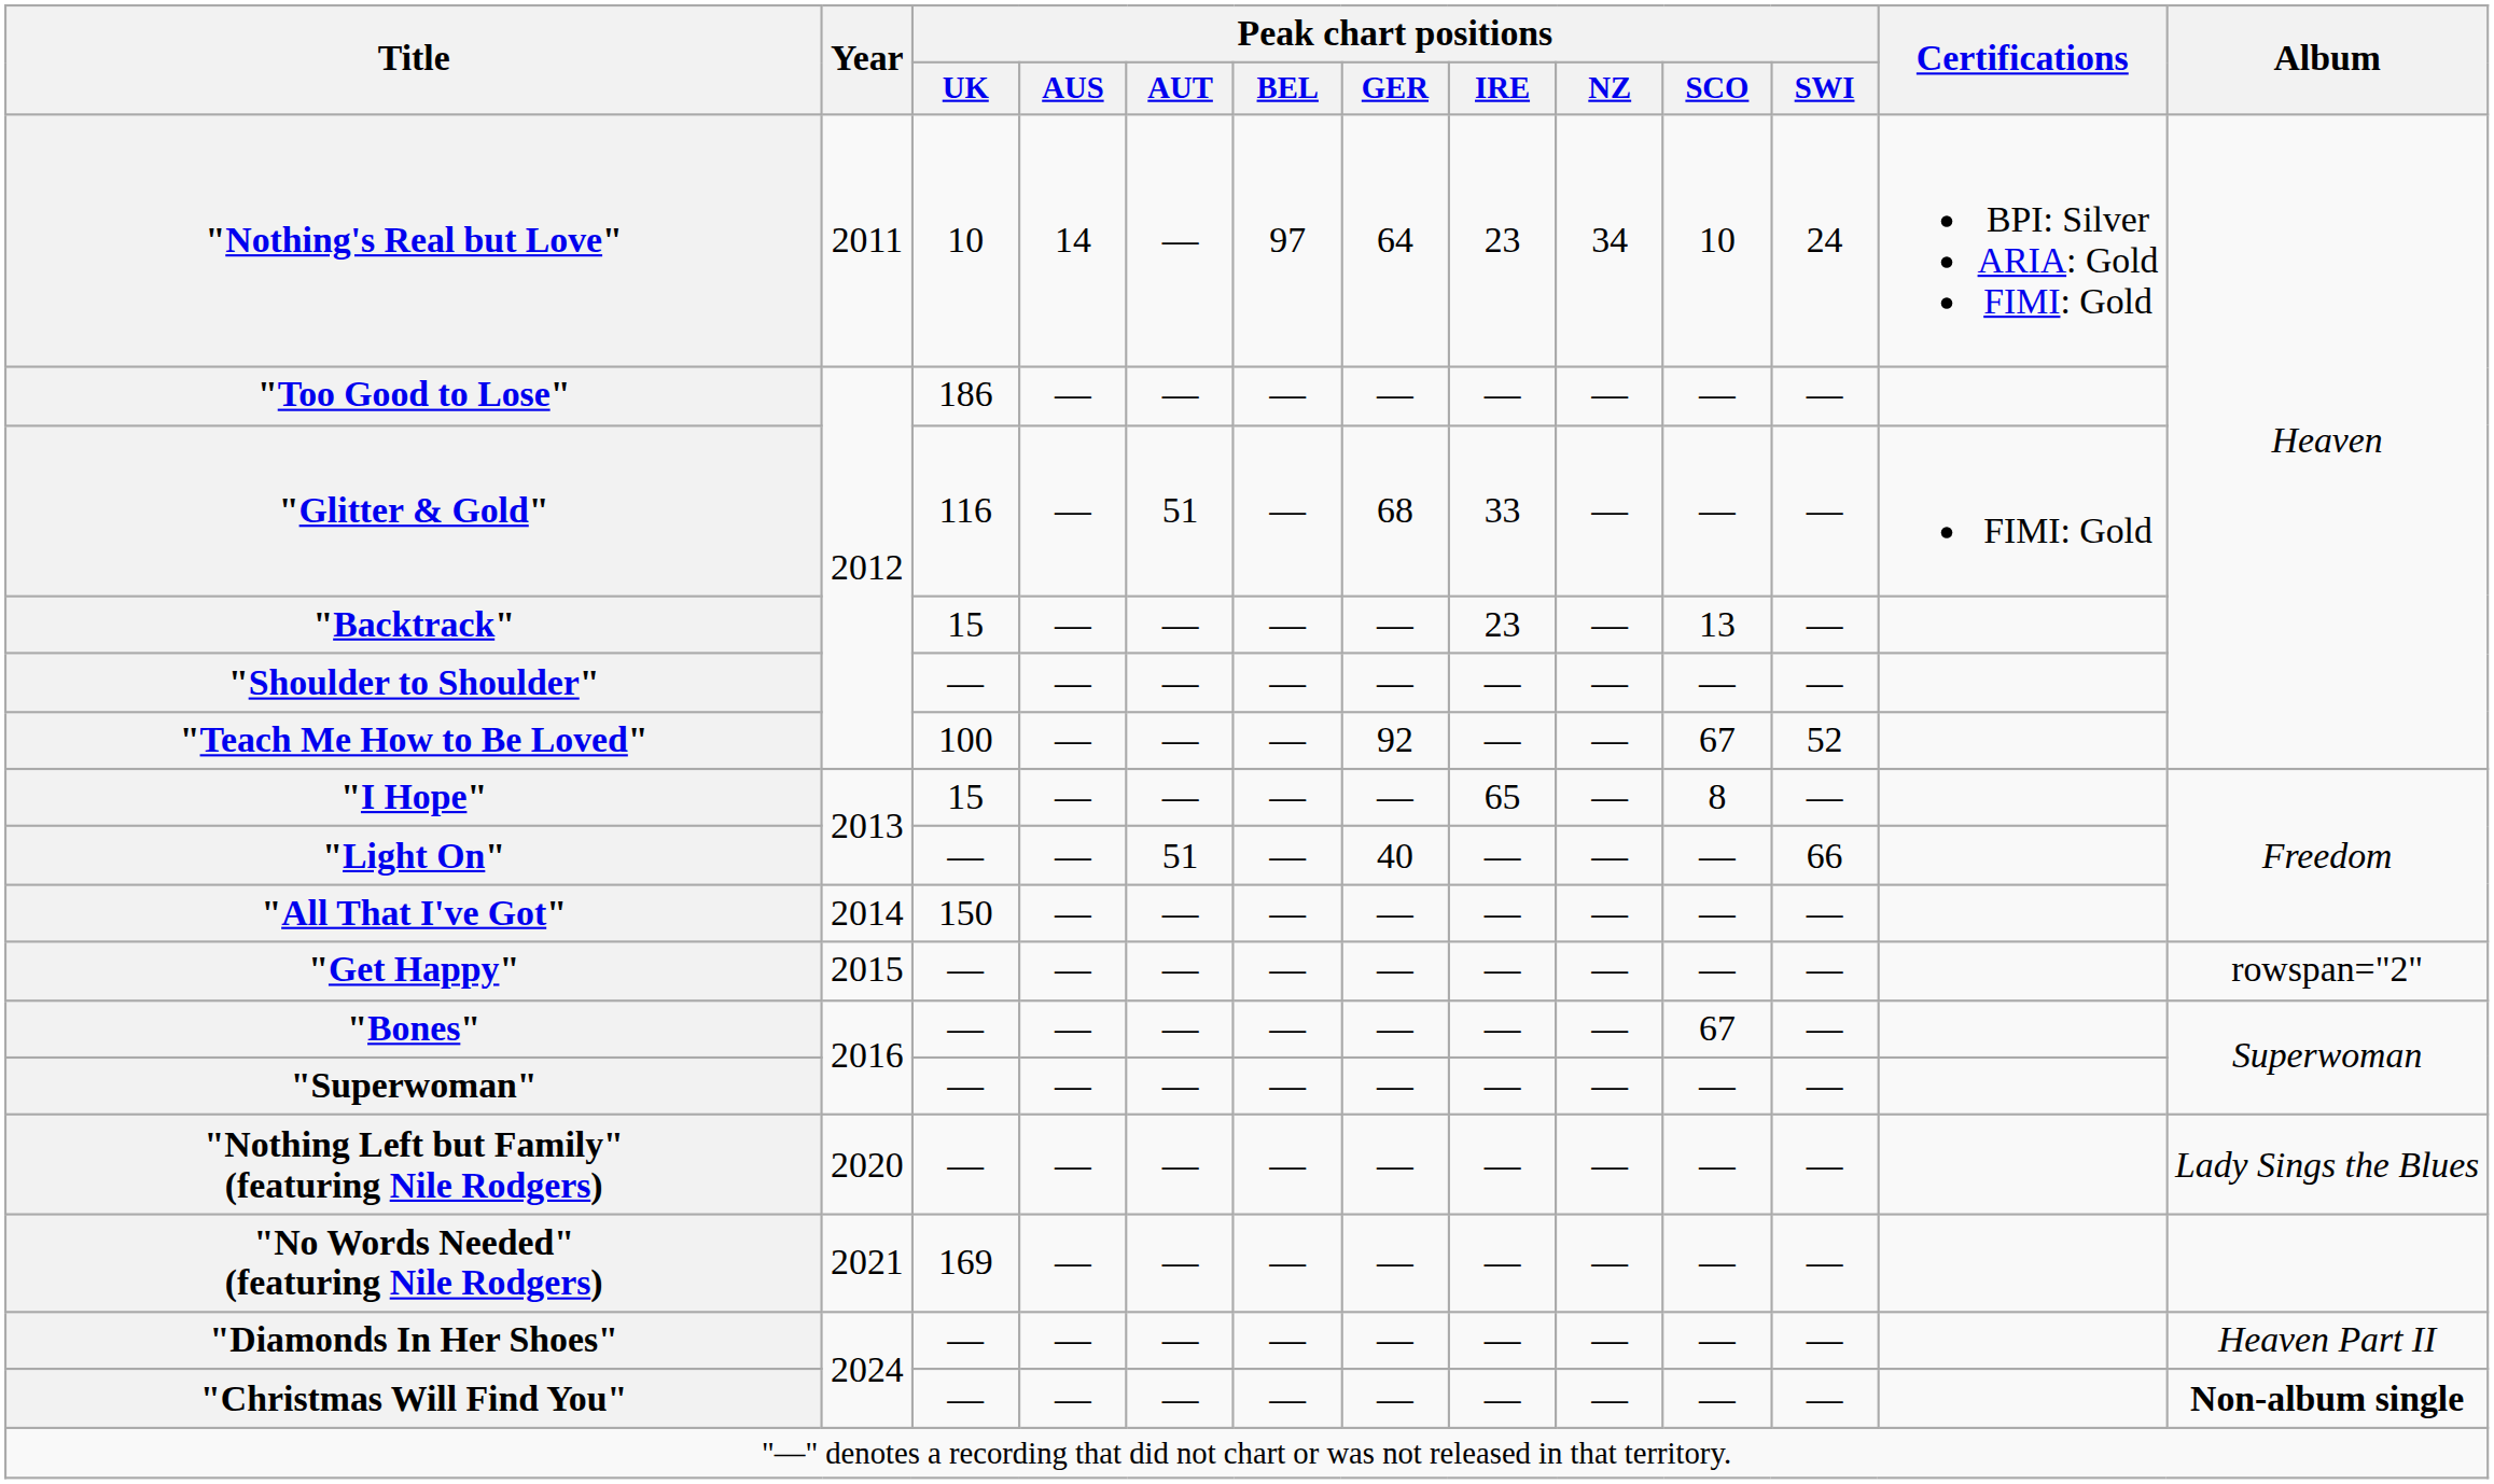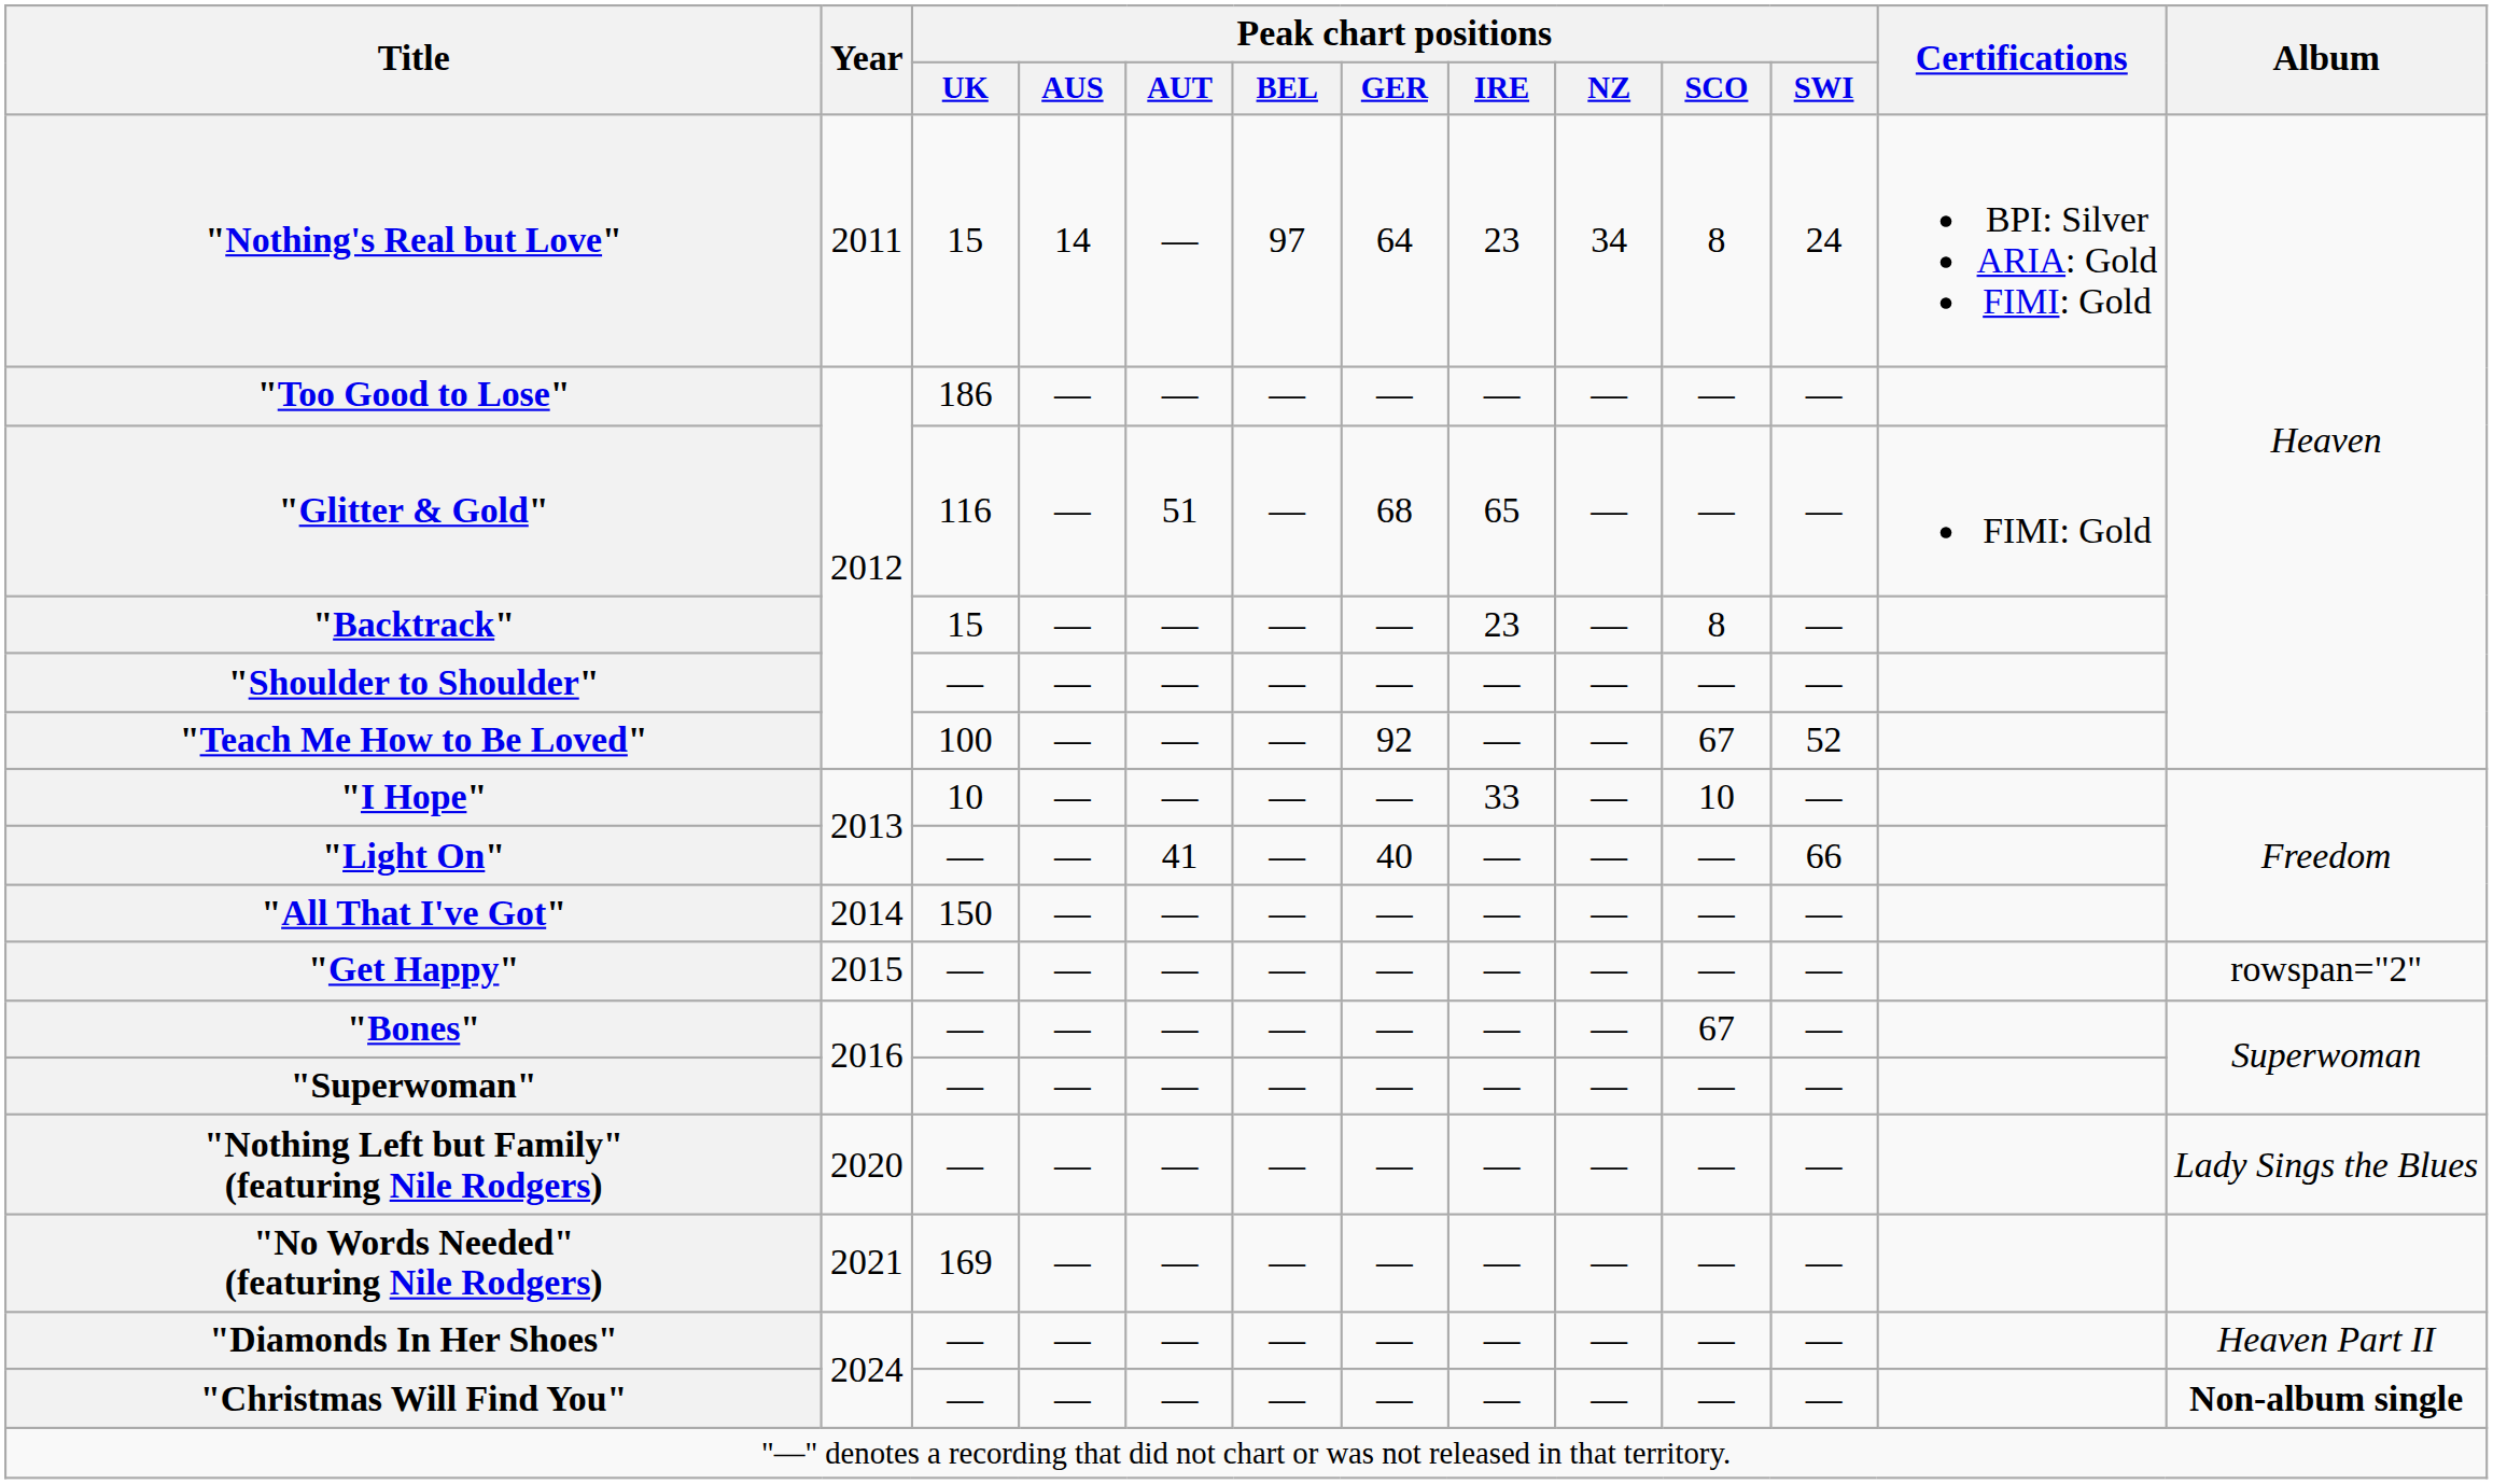 <table class="wikitable plainrowheaders" style="text-align:center;">
 <tr>
 <th scope="col" rowspan="2" style="width:22em;">Title</th>
 <th scope="col" rowspan="2" style="width:1em;">Year</th>
 <th scope="col" colspan="9">Peak chart positions</th>
 <th scope="col" rowspan="2"><a href='#'>Certifications</a></th>
 <th scope="col" rowspan="2">Album</th>
 </tr>
 <tr>
 <th scope="col" style="width:3em;font-size:85%;"><a href='#'>UK</a><br></th>
 <th scope="col" style="width:3em;font-size:85%;"><a href='#'>AUS</a><br></th>
 <th scope="col" style="width:3em;font-size:85%;"><a href='#'>AUT</a><br></th>
 <th scope="col" style="width:3em;font-size:85%;"><a href='#'>BEL</a><br></th>
 <th scope="col" style="width:3em;font-size:85%;"><a href='#'>GER</a><br></th>
 <th scope="col" style="width:3em;font-size:85%;"><a href='#'>IRE</a><br></th>
 <th scope="col" style="width:3em;font-size:85%;"><a href='#'>NZ</a><br></th>
 <th scope="col" style="width:3em;font-size:85%;"><a href='#'>SCO</a><br></th>
 <th scope="col" style="width:3em;font-size:85%;"><a href='#'>SWI</a><br></th>
 </tr>
 <tr>
 <th scope="row">"<a href='#'>Nothing's Real but Love</a>"</th>
 <td>2011</td>
-<td>10</td>
+<td>15</td>
 <td>14</td>
 <td>—</td>
 <td>97</td>
 <td>64</td>
 <td>23</td>
 <td>34</td>
-<td>10</td>
+<td>8</td>
 <td>24</td>
 <td><br><ul><li>BPI: Silver</li><li><a href='#'>ARIA</a>: Gold</li><li><a href='#'>FIMI</a>: Gold</li></ul></td>
 <td rowspan="6"><em>Heaven</em></td>
 </tr>
 <tr>
 <th scope="row">"<a href='#'>Too Good to Lose</a>"</th>
 <td rowspan="5">2012</td>
 <td>186</td>
 <td>—</td>
 <td>—</td>
 <td>—</td>
 <td>—</td>
 <td>—</td>
 <td>—</td>
 <td>—</td>
 <td>—</td>
 <td></td>
 </tr>
 <tr>
 <th scope="row">"<a href='#'>Glitter & Gold</a>"</th>
 <td>116</td>
 <td>—</td>
 <td>51</td>
 <td>—</td>
 <td>68</td>
-<td>33</td>
+<td>65</td>
 <td>—</td>
 <td>—</td>
 <td>—</td>
 <td><br><ul><li>FIMI: Gold</li></ul></td>
 </tr>
 <tr>
 <th scope="row">"<a href='#'>Backtrack</a>"</th>
 <td>15</td>
 <td>—</td>
 <td>—</td>
 <td>—</td>
 <td>—</td>
 <td>23</td>
 <td>—</td>
-<td>13</td>
+<td>8</td>
 <td>—</td>
 <td></td>
 </tr>
 <tr>
 <th scope="row">"<a href='#'>Shoulder to Shoulder</a>"</th>
 <td>—</td>
 <td>—</td>
 <td>—</td>
 <td>—</td>
 <td>—</td>
 <td>—</td>
 <td>—</td>
 <td>—</td>
 <td>—</td>
 <td></td>
 </tr>
 <tr>
 <th scope="row">"<a href='#'>Teach Me How to Be Loved</a>"</th>
 <td>100</td>
 <td>—</td>
 <td>—</td>
 <td>—</td>
 <td>92</td>
 <td>—</td>
 <td>—</td>
 <td>67</td>
 <td>52</td>
 </tr>
 <tr>
 <th scope="row">"<a href='#'>I Hope</a>"</th>
 <td rowspan="2">2013</td>
-<td>15</td>
+<td>10</td>
 <td>—</td>
 <td>—</td>
 <td>—</td>
 <td>—</td>
-<td>65</td>
+<td>33</td>
 <td>—</td>
-<td>8</td>
+<td>10</td>
 <td>—</td>
 <td></td>
 <td rowspan="3"><em>Freedom</em></td>
 </tr>
 <tr>
 <th scope="row">"<a href='#'>Light On</a>"</th>
 <td>—</td>
 <td>—</td>
-<td>51</td>
+<td>41</td>
 <td>—</td>
 <td>40</td>
 <td>—</td>
 <td>—</td>
 <td>—</td>
 <td>66</td>
 </tr>
 <tr>
 <th scope="row">"<a href='#'>All That I've Got</a>"</th>
 <td>2014</td>
 <td>150</td>
 <td>—</td>
 <td>—</td>
 <td>—</td>
 <td>—</td>
 <td>—</td>
 <td>—</td>
 <td>—</td>
 <td>—</td>
 <td></td>
 </tr>
 <tr>
 <th scope="row">"<a href='#'>Get Happy</a>"</th>
 <td>2015</td>
 <td>—</td>
 <td>—</td>
 <td>—</td>
 <td>—</td>
 <td>—</td>
 <td>—</td>
 <td>—</td>
 <td>—</td>
 <td>—</td>
 <td></td>
 <td>rowspan="2" </td>
 </tr>
 <tr>
 <th scope="row">"<a href='#'>Bones</a>"</th>
 <td rowspan="2">2016</td>
 <td>—</td>
 <td>—</td>
 <td>—</td>
 <td>—</td>
 <td>—</td>
 <td>—</td>
 <td>—</td>
 <td>67</td>
 <td>—</td>
 <td></td>
 <td rowspan="2"><em>Superwoman</em></td>
 </tr>
 <tr>
 <th scope="row">"Superwoman"</th>
 <td>—</td>
 <td>—</td>
 <td>—</td>
 <td>—</td>
 <td>—</td>
 <td>—</td>
 <td>—</td>
 <td>—</td>
 <td>—</td>
 <td></td>
 </tr>
 <tr>
 <th scope="row">"Nothing Left but Family"<br><span>(featuring <a href='#'>Nile Rodgers</a>)</span></th>
 <td>2020</td>
 <td>—</td>
 <td>—</td>
 <td>—</td>
 <td>—</td>
 <td>—</td>
 <td>—</td>
 <td>—</td>
 <td>—</td>
 <td>—</td>
 <td></td>
 <td><em>Lady Sings the Blues</em></td>
 </tr>
 <tr>
 <th scope="row">"No Words Needed"<br><span>(featuring <a href='#'>Nile Rodgers</a>)</span></th>
 <td>2021</td>
 <td>169</td>
 <td>—</td>
 <td>—</td>
 <td>—</td>
 <td>—</td>
 <td>—</td>
 <td>—</td>
 <td>—</td>
 <td>—</td>
 <td></td>
 </tr>
 <tr>
 <th scope="row">"Diamonds In Her Shoes"</th>
 <td rowspan="2">2024</td>
 <td>—</td>
 <td>—</td>
 <td>—</td>
 <td>—</td>
 <td>—</td>
 <td>—</td>
 <td>—</td>
 <td>—</td>
 <td>—</td>
 <td></td>
 <td rowspan="1"><em>Heaven Part II</em></td>
 </tr>
 <tr>
 <th scope="row">"Christmas Will Find You"</th>
 <td>—</td>
 <td>—</td>
 <td>—</td>
 <td>—</td>
 <td>—</td>
 <td>—</td>
 <td>—</td>
 <td>—</td>
 <td>—</td>
 <td></td>
 <td rowspan="1"><strong>Non-album single</strong></td>
 </tr>
 <tr>
 <td style="font-size:85%" colspan="20">"—" denotes a recording that did not chart or was not released in that territory.</td>
 </tr>
 </table>
